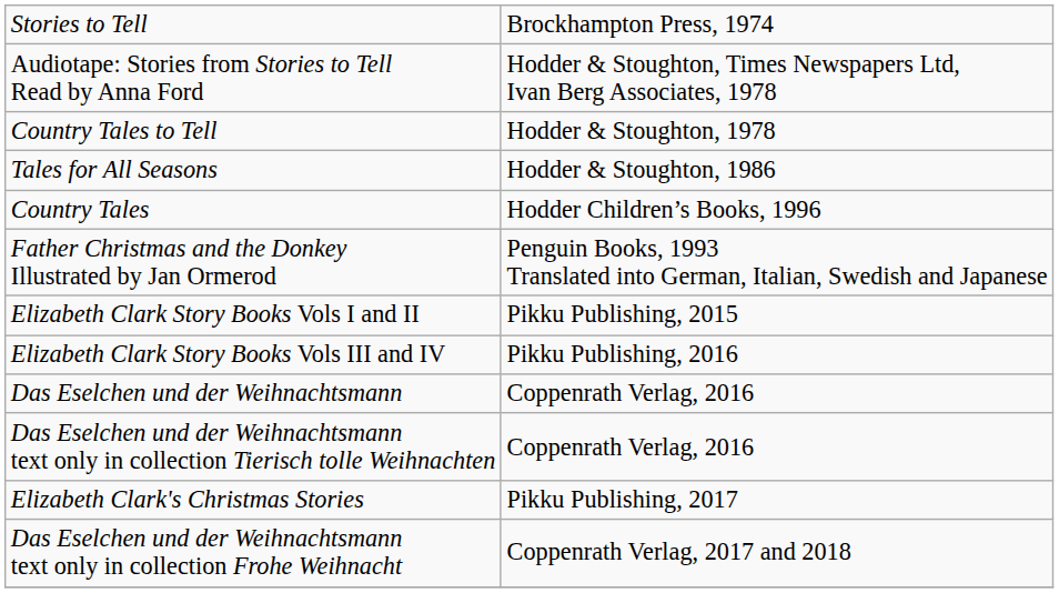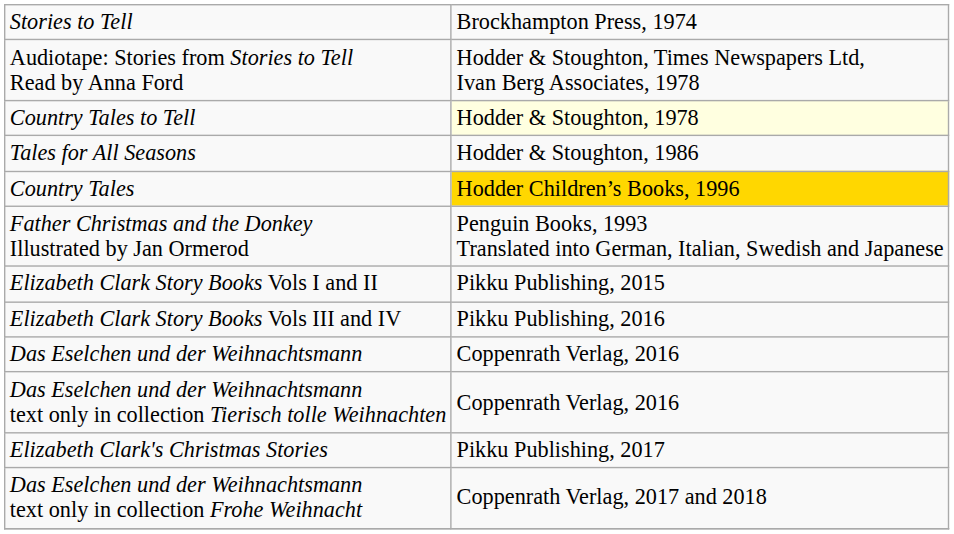 <table class="wikitable">
 <tr>
 <td><em>Stories to Tell</em></td>
 <td>Brockhampton Press, 1974</td>
 </tr>
 <tr>
 <td>Audiotape: Stories from <em>Stories to Tell</em> <br> Read by Anna Ford</td>
 <td>Hodder & Stoughton, Times Newspapers Ltd, <br> Ivan Berg Associates, 1978</td>
 </tr>
 <tr>
 <td><em>Country Tales to Tell</em></td>
-<td>Hodder & Stoughton, 1978</td>
+<td style="background: lightyellow;">Hodder & Stoughton, 1978</td>
 </tr>
 <tr>
 <td><em>Tales for All Seasons</em></td>
 <td>Hodder & Stoughton, 1986</td>
 </tr>
 <tr>
 <td><em>Country Tales </em></td>
-<td>Hodder Children’s Books, 1996</td>
+<td style="background: gold;">Hodder Children’s Books, 1996</td>
 </tr>
 <tr>
 <td><em>Father Christmas and the Donkey</em> <br> Illustrated by Jan Ormerod</td>
 <td>Penguin Books, 1993 <br>Translated into German, Italian, Swedish and Japanese</td>
 </tr>
 <tr>
 <td><em>Elizabeth Clark Story Books</em> Vols I and II</td>
 <td>Pikku Publishing, 2015</td>
 </tr>
 <tr>
 <td><em>Elizabeth Clark Story Books</em> Vols III and IV</td>
 <td>Pikku Publishing, 2016</td>
 </tr>
 <tr>
 <td><em>Das Eselchen und der Weihnachtsmann</em></td>
 <td>Coppenrath Verlag, 2016</td>
 </tr>
 <tr>
 <td><em>Das Eselchen und der Weihnachtsmann</em> <br> text only in collection <em>Tierisch tolle Weihnachten</em></td>
 <td>Coppenrath Verlag, 2016</td>
 </tr>
 <tr>
 <td><em>Elizabeth Clark's Christmas Stories</em></td>
 <td>Pikku Publishing, 2017</td>
 </tr>
 <tr>
 <td><em>Das Eselchen und der Weihnachtsmann</em> <br> text only in collection <em>Frohe Weihnacht</em></td>
 <td>Coppenrath Verlag, 2017 and 2018</td>
 </tr>
 <tr>
 </tr>
 </table>
